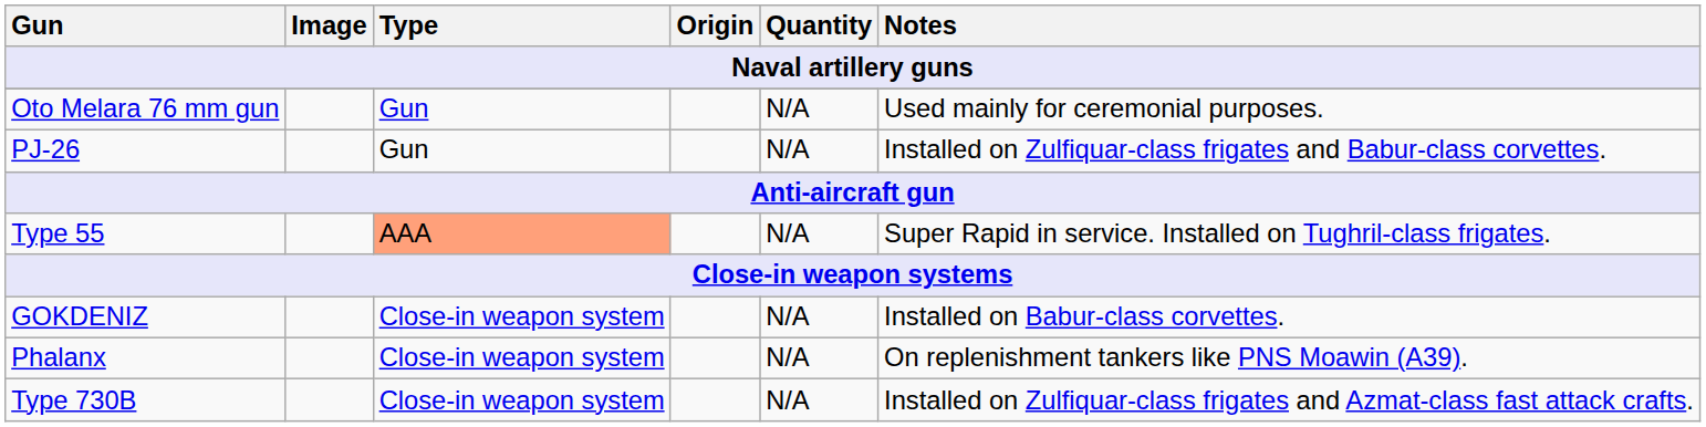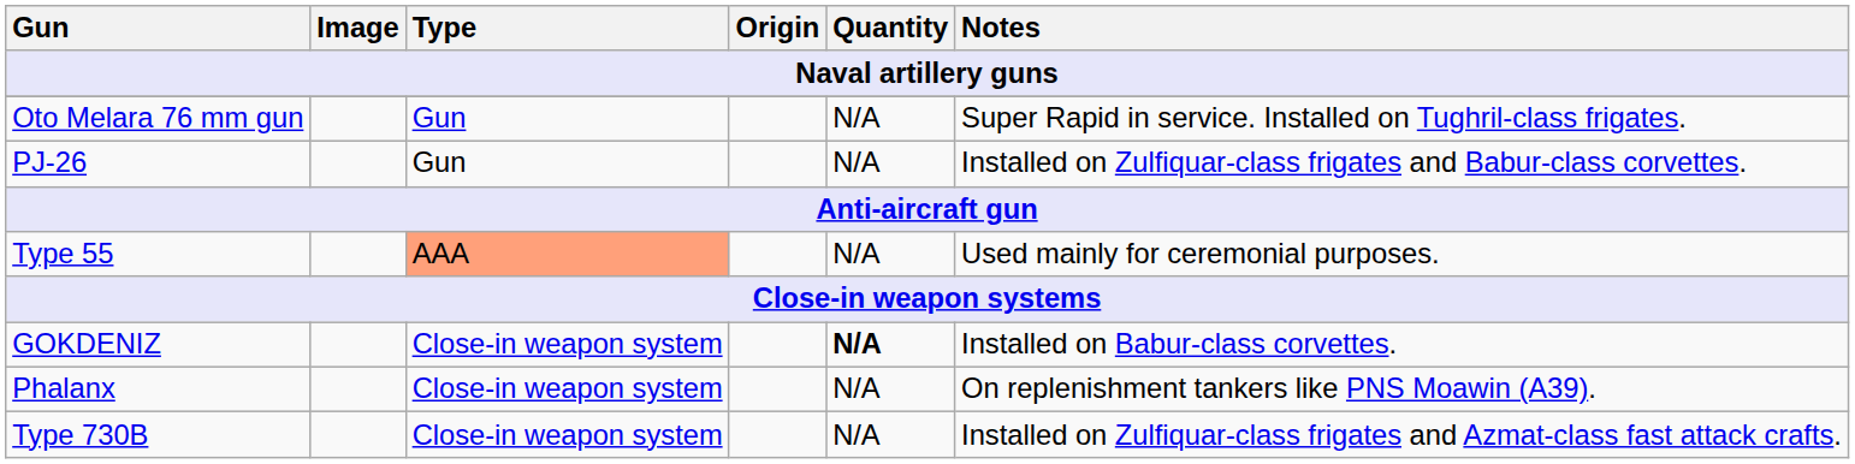 <table class="wikitable">
 <tr>
 <th style="text-align: left;">Gun</th>
 <th style="text-align: left;">Image</th>
 <th style="text-align: left;">Type</th>
 <th style="text-align: left;">Origin</th>
 <th style="text-align: left;">Quantity</th>
 <th style="text-align: left;">Notes</th>
 </tr>
 <tr>
 <th style="align: center; background: lavender;" colspan="7">Naval artillery guns</th>
 </tr>
 <tr --->
 </tr>
 <tr>
 <td><a href='#'>Oto Melara 76 mm gun</a></td>
 <td></td>
 <td><a href='#'>Gun</a></td>
 <td></td>
 <td>N/A</td>
-<td>Used mainly for ceremonial purposes.</td>
+<td>Super Rapid in service. Installed on <a href='#'>Tughril-class frigates</a>.</td>
 </tr>
 <tr>
 <td><a href='#'>PJ-26</a></td>
 <td></td>
 <td>Gun</td>
 <td></td>
 <td>N/A</td>
 <td>Installed on <a href='#'>Zulfiquar-class frigates</a> and <a href='#'>Babur-class corvettes</a>.</td>
 </tr>
 <tr>
 <th style="align: center; background: lavender;" colspan="7"><a href='#'>Anti-aircraft gun</a></th>
 </tr>
 <tr>
 <td><a href='#'>Type 55</a></td>
 <td></td>
 <td style="background: lightsalmon;">AAA</td>
 <td></td>
 <td>N/A</td>
-<td>Super Rapid in service. Installed on <a href='#'>Tughril-class frigates</a>.</td>
+<td>Used mainly for ceremonial purposes.</td>
 </tr>
 <tr>
 <th style="align: center; background: lavender;" colspan="7"><a href='#'>Close-in weapon systems</a></th>
 </tr>
 <tr>
 <td><a href='#'>GOKDENIZ</a></td>
 <td></td>
 <td><a href='#'>Close-in weapon system</a></td>
 <td></td>
-<td>N/A</td>
+<td><strong>N/A</strong></td>
 <td>Installed on <a href='#'>Babur-class corvettes</a>.</td>
 </tr>
 <tr>
 <td><a href='#'>Phalanx</a></td>
 <td></td>
 <td><a href='#'>Close-in weapon system</a></td>
 <td></td>
 <td>N/A</td>
 <td>On replenishment tankers like <a href='#'>PNS Moawin (A39)</a>.</td>
 </tr>
 <tr>
 <td><a href='#'>Type 730B</a></td>
 <td></td>
 <td><a href='#'>Close-in weapon system</a></td>
 <td></td>
 <td>N/A</td>
 <td>Installed on <a href='#'>Zulfiquar-class frigates</a> and <a href='#'>Azmat-class fast attack crafts</a>.</td>
 </tr>
 </table>
